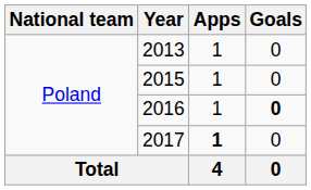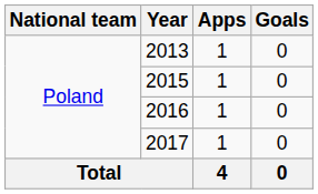 <table class="wikitable" style="text-align:center">
 <tr>
 <th>National team</th>
 <th>Year</th>
 <th>Apps</th>
 <th>Goals</th>
 </tr>
 <tr>
 <td rowspan="4"><a href='#'>Poland</a></td>
 <td>2013</td>
 <td>1</td>
 <td>0</td>
 </tr>
 <tr>
 <td>2015</td>
 <td>1</td>
 <td>0</td>
 </tr>
 <tr>
 <td>2016</td>
 <td>1</td>
-<td><strong>0</strong></td>
+<td>0</td>
 </tr>
 <tr>
 <td>2017</td>
-<td><strong>1</strong></td>
+<td>1</td>
 <td>0</td>
 </tr>
 <tr>
 <th colspan="2">Total</th>
 <th>4</th>
 <th>0</th>
 </tr>
 </table>
